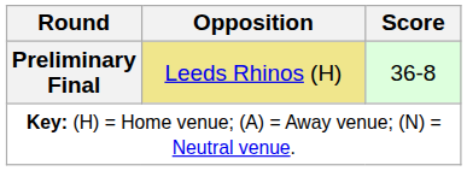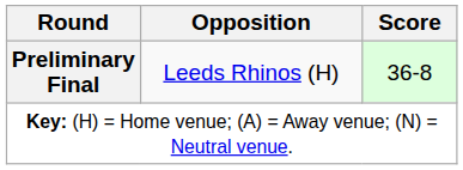 <table class="wikitable plainrowheaders" style="text-align:center;margin-left:1em;">
 <tr>
 <th width="25">Round</th>
 <th width="150">Opposition</th>
 <th width="60">Score</th>
 </tr>
 <tr>
 <th scope=row style="text-align:center">Preliminary Final</th>
-<td style="background: khaki;"> <a href='#'>Leeds Rhinos</a> (H)</td>
+<td> <a href='#'>Leeds Rhinos</a> (H)</td>
 <td bgcolor=DDFFDD>36-8</td>
 </tr>
 <tr>
 <td colspan="3" style="background-color:white;"><small><strong>Key:</strong> (H) = Home venue; (A) = Away venue; (N) = <a href='#'>Neutral venue</a>.</small></td>
 </tr>
 </table>
